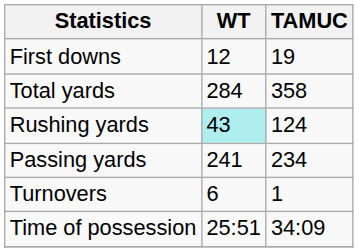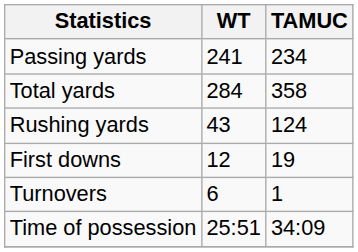 <table class="wikitable">
 <tr>
 <th>Statistics</th>
 <th>WT</th>
 <th>TAMUC</th>
 </tr>
 <tr>
-<td>First downs</td>
-<td>12</td>
-<td>19</td>
+<td>Passing yards</td>
+<td>241</td>
+<td>234</td>
 </tr>
 <tr>
 <td>Total yards</td>
 <td>284</td>
 <td>358</td>
 </tr>
 <tr>
 <td>Rushing yards</td>
-<td style="background: paleturquoise;">43</td>
+<td>43</td>
 <td>124</td>
 </tr>
 <tr>
-<td>Passing yards</td>
-<td>241</td>
-<td>234</td>
+<td>First downs</td>
+<td>12</td>
+<td>19</td>
 </tr>
 <tr>
 <td>Turnovers</td>
 <td>6</td>
 <td>1</td>
 </tr>
 <tr>
 <td>Time of possession</td>
 <td>25:51</td>
 <td>34:09</td>
 </tr>
 <tr>
 </tr>
 </table>
